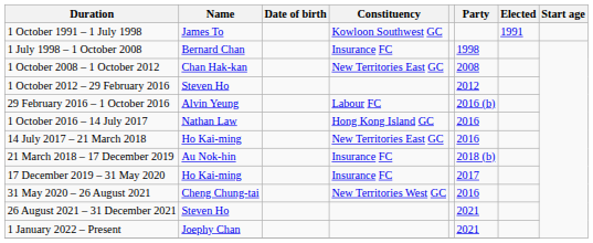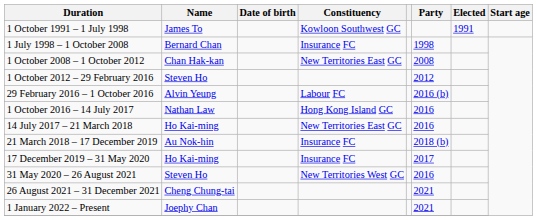 <table class="wikitable sortable">
 <tr>
 <th>Duration</th>
 <th>Name</th>
 <th>Date of birth</th>
 <th>Constituency</th>
 <th class="unsortable"></th>
 <th>Party</th>
 <th>Elected</th>
 <th>Start age</th>
 </tr>
 <tr>
 <td>1 October 1991 – 1 July 1998</td>
 <td><a href='#'>James To</a></td>
 <td></td>
 <td><a href='#'>Kowloon Southwest</a> <a href='#'>GC</a></td>
 <td></td>
 <td></td>
 <td><a href='#'>1991</a></td>
 <td></td>
 </tr>
 <tr>
 <td>1 July 1998 – 1 October 2008</td>
 <td><a href='#'>Bernard Chan</a></td>
 <td></td>
 <td><a href='#'>Insurance</a> <a href='#'>FC</a></td>
 <td></td>
 <td><a href='#'>1998</a></td>
 <td></td>
 </tr>
 <tr>
 <td>1 October 2008 – 1 October 2012</td>
 <td><a href='#'>Chan Hak-kan</a></td>
 <td></td>
 <td><a href='#'>New Territories East</a> <a href='#'>GC</a></td>
 <td></td>
 <td><a href='#'>2008</a></td>
 <td></td>
 </tr>
 <tr>
 <td>1 October 2012 – 29 February 2016</td>
 <td><a href='#'>Steven Ho</a></td>
 <td></td>
 <td></td>
 <td></td>
 <td><a href='#'>2012</a></td>
 <td></td>
 </tr>
 <tr>
 <td>29 February 2016 – 1 October 2016</td>
 <td><a href='#'>Alvin Yeung</a></td>
 <td></td>
 <td><a href='#'>Labour</a> <a href='#'>FC</a></td>
 <td></td>
 <td><a href='#'>2016 (b)</a></td>
 <td></td>
 </tr>
 <tr>
 <td>1 October 2016 – 14 July 2017</td>
 <td><a href='#'>Nathan Law</a></td>
 <td></td>
 <td><a href='#'>Hong Kong Island</a> <a href='#'>GC</a></td>
 <td></td>
 <td><a href='#'>2016</a></td>
 <td></td>
 </tr>
 <tr>
 <td>14 July 2017 – 21 March 2018</td>
 <td><a href='#'>Ho Kai-ming</a></td>
 <td></td>
 <td><a href='#'>New Territories East</a> <a href='#'>GC</a></td>
 <td></td>
 <td><a href='#'>2016</a></td>
 <td></td>
 </tr>
 <tr>
 <td>21 March 2018 – 17 December 2019</td>
 <td><a href='#'>Au Nok-hin</a></td>
 <td></td>
 <td><a href='#'>Insurance</a> <a href='#'>FC</a></td>
 <td></td>
 <td><a href='#'>2018 (b)</a></td>
 <td></td>
 </tr>
 <tr>
 <td>17 December 2019 – 31 May 2020</td>
 <td><a href='#'>Ho Kai-ming</a></td>
 <td></td>
 <td><a href='#'>Insurance</a> <a href='#'>FC</a></td>
 <td></td>
 <td><a href='#'>2017</a></td>
 <td></td>
 </tr>
 <tr>
 <td>31 May 2020 – 26 August 2021</td>
-<td><a href='#'>Cheng Chung-tai</a></td>
+<td><a href='#'>Steven Ho</a></td>
 <td></td>
 <td><a href='#'>New Territories West</a> <a href='#'>GC</a></td>
 <td></td>
 <td><a href='#'>2016</a></td>
 <td></td>
 </tr>
 <tr>
 <td>26 August 2021 – 31 December 2021</td>
-<td><a href='#'>Steven Ho</a></td>
+<td><a href='#'>Cheng Chung-tai</a></td>
 <td></td>
 <td></td>
 <td></td>
 <td><a href='#'>2021</a></td>
 <td></td>
 </tr>
 <tr>
 <td>1 January 2022 – Present</td>
 <td><a href='#'>Joephy Chan</a></td>
 <td></td>
 <td></td>
 <td></td>
 <td><a href='#'>2021</a></td>
 <td></td>
 </tr>
 <tr>
 </tr>
 </table>
